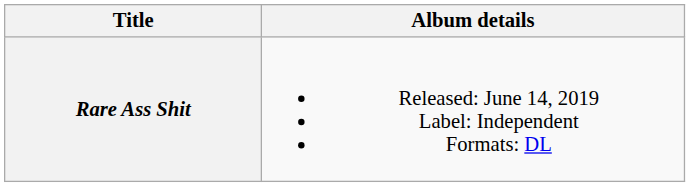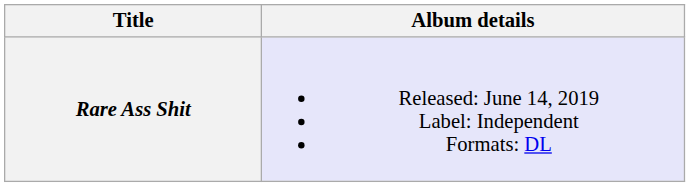 <table class="wikitable plainrowheaders" style="text-align:center;">
 <tr>
 <th scope="col" style="width:12em;">Title</th>
 <th scope="col" style="width:20em;">Album details</th>
 </tr>
 <tr>
 <th scope="row"><em>Rare Ass Shit</em></th>
-<td><br><ul><li>Released: June 14, 2019</li><li>Label: Independent</li><li>Formats: <a href='#'>DL</a></li></ul></td>
+<td style="background: lavender;"><br><ul><li>Released: June 14, 2019</li><li>Label: Independent</li><li>Formats: <a href='#'>DL</a></li></ul></td>
 </tr>
 </table>
